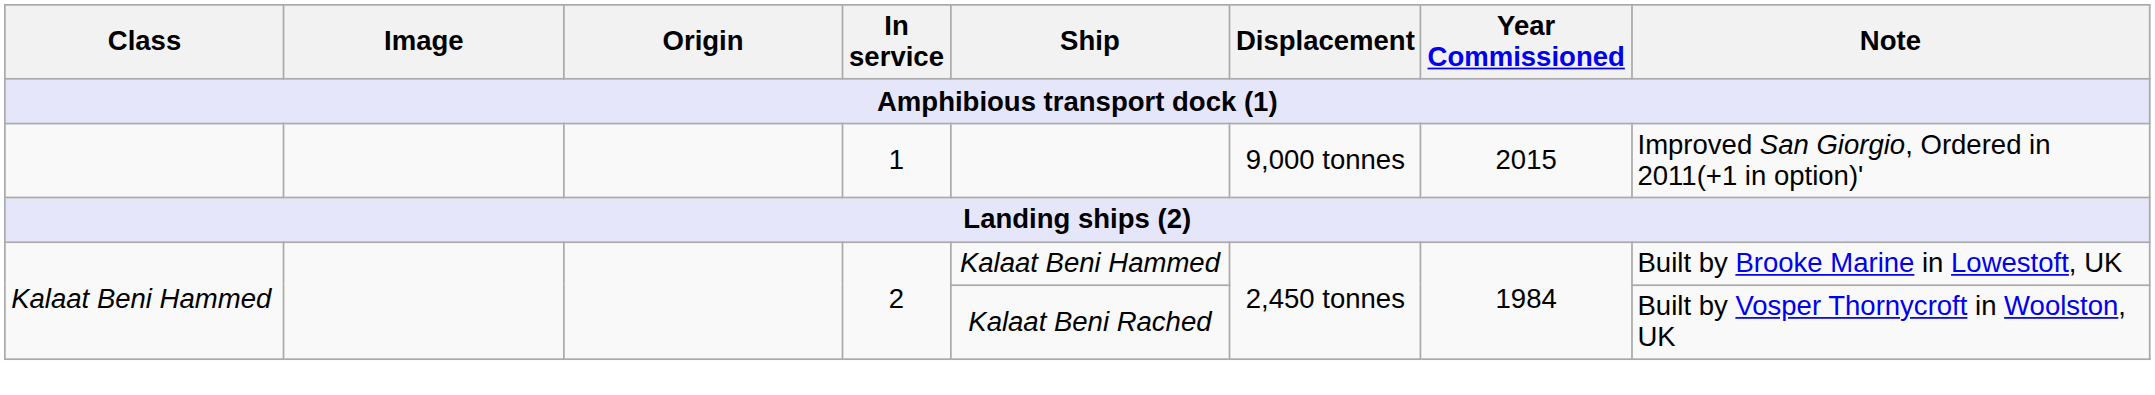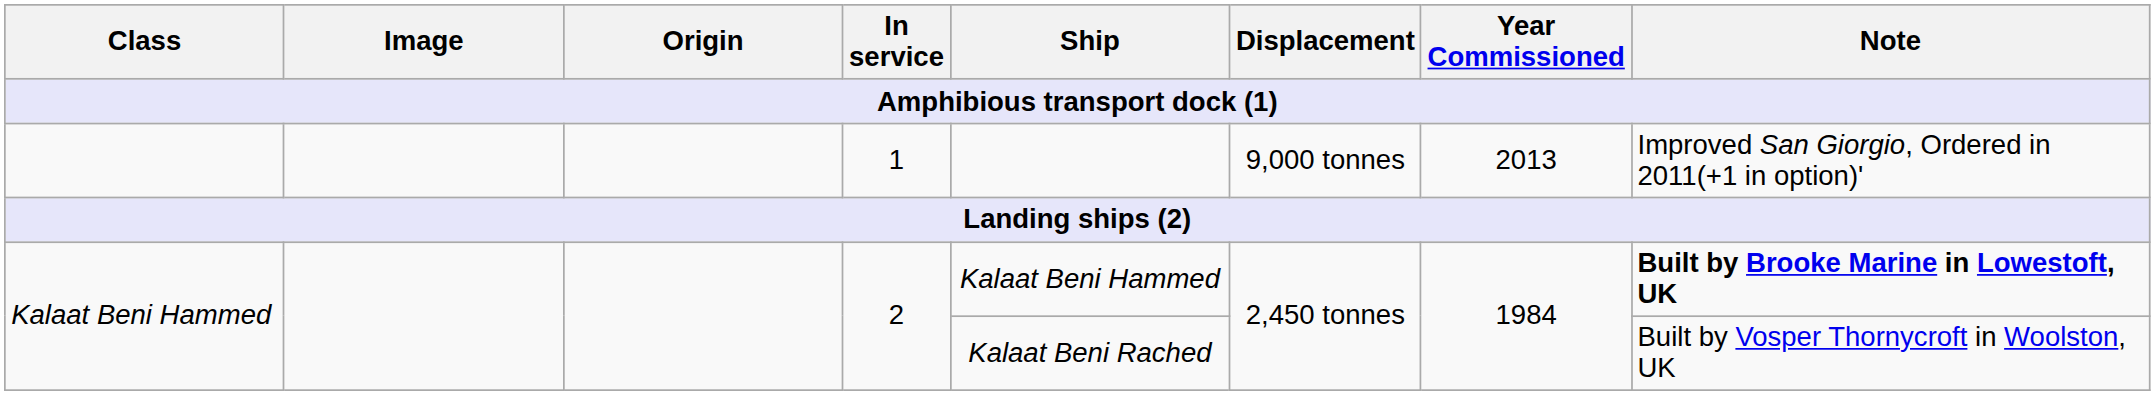 <table class=wikitable>
 <tr>
 <th style="text-align:center;" width=155>Class</th>
 <th style="text-align:center;" width=155>Image</th>
 <th style="text-align:center;" width=155>Origin</th>
 <th style="text-align:center;" width=50>In service</th>
 <th style="text-align:center;" width=155>Ship</th>
 <th style="text-align:center;" width=100>Displacement</th>
 <th style="text-align:center;">Year<br><a href='#'>Commissioned</a></th>
 <th style="text-align:center;">Note</th>
 </tr>
 <tr>
 <th colspan="8" style="background: lavender;">Amphibious transport dock (1)</th>
 </tr>
 <tr>
 <td></td>
 <td></td>
 <td></td>
 <td align=center>1</td>
 <td align=center></td>
 <td align=center>9,000 tonnes</td>
-<td align=center>2015</td>
+<td align=center>2013</td>
 <td>Improved <em>San Giorgio</em>, Ordered in 2011(+1 in option)'</td>
 </tr>
 <tr>
 <th colspan="8" style="background: lavender;">Landing ships (2)</th>
 </tr>
 <tr>
 <td rowspan="2"><em>Kalaat Beni Hammed</em></td>
 <td rowspan="2" align="center"></td>
 <td rowspan="2"></td>
 <td rowspan="2" align="center">2</td>
 <td align="center"><em>Kalaat Beni Hammed</em></td>
 <td rowspan="2" align="center">2,450 tonnes</td>
 <td rowspan="2" align="center">1984</td>
-<td>Built by <a href='#'>Brooke Marine</a> in <a href='#'>Lowestoft</a>, UK</td>
+<td><strong>Built by <a href='#'>Brooke Marine</a> in <a href='#'>Lowestoft</a>, UK</strong></td>
 </tr>
 <tr>
 <td align="center"><em>Kalaat Beni Rached</em></td>
 <td>Built by <a href='#'>Vosper Thornycroft</a> in <a href='#'>Woolston</a>, UK</td>
 </tr>
 </table>
